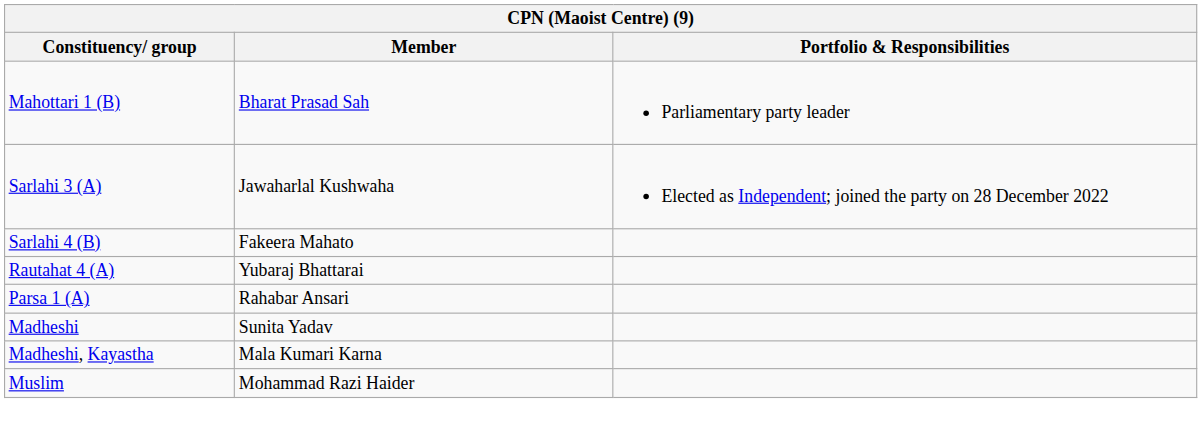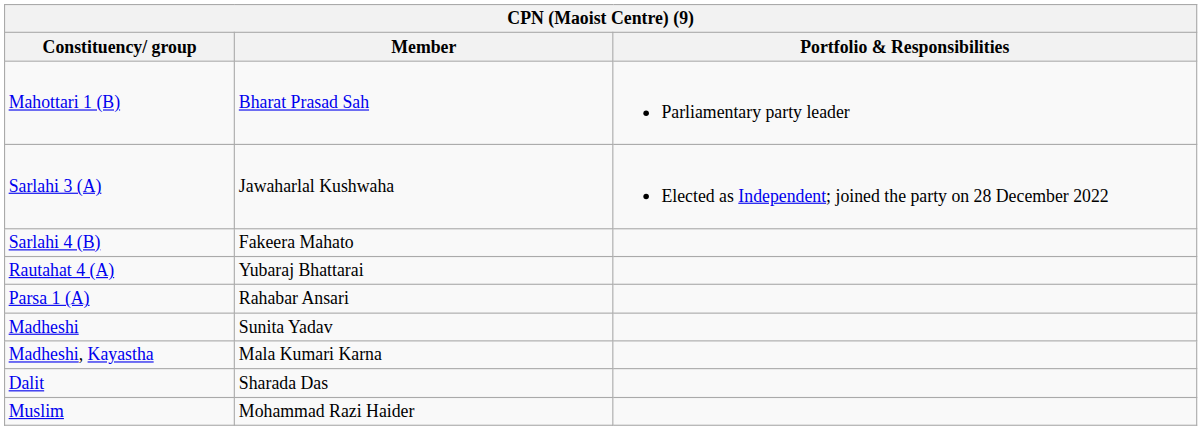 <table class="wikitable sortable">
 <tr>
 <th colspan="3" style="width: 800pt; background:">CPN (Maoist Centre) (9)</th>
 </tr>
 <tr>
 <th style="width:150pt;">Constituency/ group</th>
 <th style="width:250pt;">Member</th>
 <th>Portfolio & Responsibilities</th>
 </tr>
 <tr>
 <td><a href='#'>Mahottari 1 (B)</a></td>
 <td><a href='#'>Bharat Prasad Sah</a></td>
 <td><br><ul><li>Parliamentary party leader</li></ul></td>
 </tr>
 <tr>
 <td><a href='#'>Sarlahi 3 (A)</a></td>
 <td>Jawaharlal Kushwaha</td>
 <td><br><ul><li>Elected as <a href='#'>Independent</a>; joined the party on 28 December 2022</li></ul></td>
 </tr>
 <tr>
 <td><a href='#'>Sarlahi 4 (B)</a></td>
 <td>Fakeera Mahato</td>
 <td></td>
 </tr>
 <tr>
 <td><a href='#'>Rautahat 4 (A)</a></td>
 <td>Yubaraj Bhattarai</td>
 <td></td>
 </tr>
 <tr>
 <td><a href='#'>Parsa 1 (A)</a></td>
 <td>Rahabar Ansari</td>
 <td></td>
 </tr>
 <tr>
 <td><a href='#'>Madheshi</a></td>
 <td>Sunita Yadav</td>
 <td></td>
 </tr>
 <tr>
 <td><a href='#'>Madheshi</a>, <a href='#'>Kayastha</a></td>
 <td>Mala Kumari Karna</td>
 <td></td>
 </tr>
 <tr>
+<td><a href='#'>Dalit</a></td>
+<td>Sharada Das</td>
+<td></td>
+</tr>
+<tr>
 <td><a href='#'>Muslim</a></td>
 <td>Mohammad Razi Haider</td>
 <td></td>
 </tr>
 </table>
